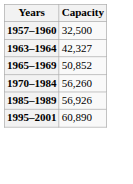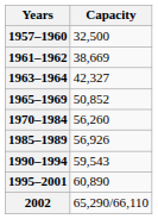 <table class="wikitable">
 <tr>
 <th scope="row">Years</th>
 <th scope="row">Capacity</th>
 </tr>
 <tr>
 <th scope="row">1957–1960</th>
 <td><div>32,500</div></td>
+</tr>
+<tr>
+<th scope="row">1961–1962</th>
+<td><div>38,669</div></td>
 </tr>
 <tr>
 <th scope="row">1963–1964</th>
 <td><div>42,327</div></td>
 </tr>
 <tr>
 <th scope="row">1965–1969</th>
 <td><div>50,852</div></td>
 </tr>
 <tr>
 <th scope="row">1970–1984</th>
 <td><div>56,260</div></td>
 </tr>
 <tr>
 <th scope="row">1985–1989</th>
 <td><div>56,926</div></td>
 </tr>
 <tr>
+<th scope="row">1990–1994</th>
+<td><div>59,543</div></td>
+</tr>
+<tr>
 <th scope="row">1995–2001</th>
 <td><div>60,890</div></td>
 </tr>
+<tr>
+<th scope="row">2002</th>
+<td><div>65,290/66,110</div></td>
+</tr>
 </table>
